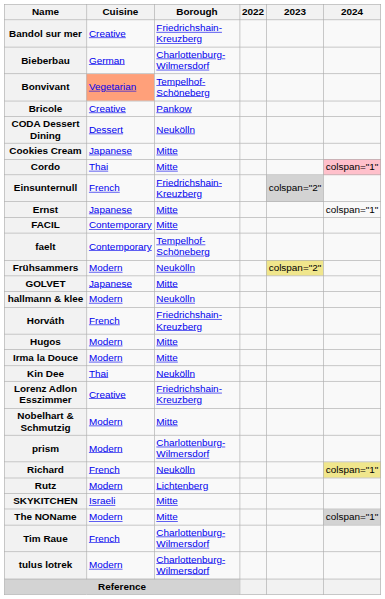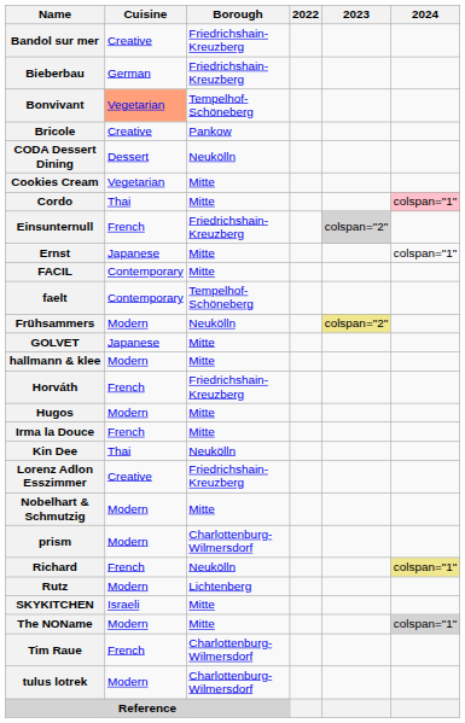 <table class="wikitable sortable plainrowheaders" style="text-align:left;"">
 <tr>
 <th scope="col">Name</th>
 <th scope="col">Cuisine</th>
 <th scope="col">Borough</th>
 <th scope="col">2022</th>
 <th scope="col">2023</th>
 <th scope="col">2024</th>
 </tr>
 <tr>
 <th scope="row">Bandol sur mer</th>
 <td><a href='#'>Creative</a></td>
 <td><a href='#'>Friedrichshain-Kreuzberg</a></td>
 <td></td>
 <td></td>
 <td></td>
 </tr>
 <tr>
 <th scope="row">Bieberbau</th>
 <td><a href='#'>German</a></td>
-<td><a href='#'>Charlottenburg-Wilmersdorf</a></td>
+<td><a href='#'>Friedrichshain-Kreuzberg</a></td>
 <td></td>
 <td></td>
 <td></td>
 </tr>
 <tr>
 <th scope="row">Bonvivant</th>
 <td style="background: lightsalmon;"><a href='#'>Vegetarian</a></td>
 <td><a href='#'>Tempelhof-Schöneberg</a></td>
 <td></td>
 <td></td>
 <td></td>
 </tr>
 <tr>
 <th scope="row">Bricole</th>
 <td><a href='#'>Creative</a></td>
 <td><a href='#'>Pankow</a></td>
 <td></td>
 <td></td>
 <td></td>
 </tr>
 <tr>
 <th scope="row">CODA Dessert Dining</th>
 <td><a href='#'>Dessert</a></td>
 <td><a href='#'>Neukölln</a></td>
 <td></td>
 <td></td>
 <td></td>
 </tr>
 <tr>
 <th scope="row">Cookies Cream</th>
-<td><a href='#'>Japanese</a></td>
+<td><a href='#'>Vegetarian</a></td>
 <td><a href='#'>Mitte</a></td>
 <td></td>
 <td></td>
 <td></td>
 </tr>
 <tr>
 <th scope="row">Cordo</th>
 <td><a href='#'>Thai</a></td>
 <td><a href='#'>Mitte</a></td>
 <td></td>
 <td></td>
 <td style="background: pink;">colspan="1" </td>
 </tr>
 <tr>
 <th scope="row">Einsunternull</th>
 <td><a href='#'>French</a></td>
 <td><a href='#'>Friedrichshain-Kreuzberg</a></td>
 <td></td>
 <td style="background: lightgrey;">colspan="2" </td>
 </tr>
 <tr>
 <th scope="row">Ernst</th>
 <td><a href='#'>Japanese</a></td>
 <td><a href='#'>Mitte</a></td>
 <td></td>
 <td></td>
 <td>colspan="1" </td>
 </tr>
 <tr>
 <th scope="row">FACIL</th>
 <td><a href='#'>Contemporary</a></td>
 <td><a href='#'>Mitte</a></td>
 <td></td>
 <td></td>
 <td></td>
 </tr>
 <tr>
 <th scope="row">faelt</th>
 <td><a href='#'>Contemporary</a></td>
 <td><a href='#'>Tempelhof-Schöneberg</a></td>
 <td></td>
 <td></td>
 <td></td>
 </tr>
 <tr>
 <th scope="row">Frühsammers</th>
 <td><a href='#'>Modern</a></td>
 <td><a href='#'>Neukölln</a></td>
 <td></td>
 <td style="background: khaki;">colspan="2" </td>
 </tr>
 <tr>
 <th scope="row">GOLVET</th>
 <td><a href='#'>Japanese</a></td>
 <td><a href='#'>Mitte</a></td>
 <td></td>
 <td></td>
 <td></td>
 </tr>
 <tr>
 <th scope="row">hallmann & klee</th>
 <td><a href='#'>Modern</a></td>
-<td><a href='#'>Neukölln</a></td>
+<td><a href='#'>Mitte</a></td>
 <td></td>
 <td></td>
 <td></td>
 </tr>
 <tr>
 <th scope="row">Horváth</th>
 <td><a href='#'>French</a></td>
 <td><a href='#'>Friedrichshain-Kreuzberg</a></td>
 <td></td>
 <td></td>
 <td></td>
 </tr>
 <tr>
 <th scope="row">Hugos</th>
 <td><a href='#'>Modern</a></td>
 <td><a href='#'>Mitte</a></td>
 <td></td>
 <td></td>
 <td></td>
 </tr>
 <tr>
 <th scope="row">Irma la Douce</th>
-<td><a href='#'>Modern</a></td>
+<td><a href='#'>French</a></td>
 <td><a href='#'>Mitte</a></td>
 <td></td>
 <td></td>
 <td></td>
 </tr>
 <tr>
 <th scope="row">Kin Dee</th>
 <td><a href='#'>Thai</a></td>
 <td><a href='#'>Neukölln</a></td>
 <td></td>
 <td></td>
 <td></td>
 </tr>
 <tr>
 <th scope="row">Lorenz Adlon Esszimmer</th>
 <td><a href='#'>Creative</a></td>
 <td><a href='#'>Friedrichshain-Kreuzberg</a></td>
 <td></td>
 <td></td>
 <td></td>
 </tr>
 <tr>
 <th scope="row">Nobelhart & Schmutzig</th>
 <td><a href='#'>Modern</a></td>
 <td><a href='#'>Mitte</a></td>
 <td></td>
 <td></td>
 <td></td>
 </tr>
 <tr>
 <th scope="row">prism</th>
 <td><a href='#'>Modern</a></td>
 <td><a href='#'>Charlottenburg-Wilmersdorf</a></td>
 <td></td>
 <td></td>
 <td></td>
 </tr>
 <tr>
 <th scope="row">Richard</th>
 <td><a href='#'>French</a></td>
 <td><a href='#'>Neukölln</a></td>
 <td></td>
 <td></td>
 <td style="background: khaki;">colspan="1" </td>
 </tr>
 <tr>
 <th scope="row">Rutz</th>
 <td><a href='#'>Modern</a></td>
 <td><a href='#'>Lichtenberg</a></td>
 <td></td>
 <td></td>
 <td></td>
 </tr>
 <tr>
 <th scope="row">SKYKITCHEN</th>
 <td><a href='#'>Israeli</a></td>
 <td><a href='#'>Mitte</a></td>
 <td></td>
 <td></td>
 <td></td>
 </tr>
 <tr>
 <th scope="row">The NOName</th>
 <td><a href='#'>Modern</a></td>
 <td><a href='#'>Mitte</a></td>
 <td></td>
 <td></td>
 <td style="background: lightgrey;">colspan="1" </td>
 </tr>
 <tr>
 <th scope="row">Tim Raue</th>
 <td><a href='#'>French</a></td>
 <td><a href='#'>Charlottenburg-Wilmersdorf</a></td>
 <td></td>
 <td></td>
 <td></td>
 </tr>
 <tr>
 <th scope="row">tulus lotrek</th>
 <td><a href='#'>Modern</a></td>
 <td><a href='#'>Charlottenburg-Wilmersdorf</a></td>
 <td></td>
 <td></td>
 <td></td>
 </tr>
 <tr>
 <th colspan="3" style="text-align: center;background: lightgray;">Reference</th>
 <th></th>
 <th></th>
 <th></th>
 </tr>
 </table>
